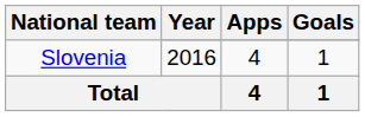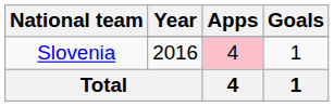 <table class="wikitable" style="text-align:center">
 <tr>
 <th>National team</th>
 <th>Year</th>
 <th>Apps</th>
 <th>Goals</th>
 </tr>
 <tr>
 <td rowspan="2"><a href='#'>Slovenia</a></td>
 </tr>
 <tr>
 <td>2016</td>
-<td>4</td>
+<td style="background: pink;">4</td>
 <td>1</td>
 </tr>
 <tr>
 <th colspan=2>Total</th>
 <th>4</th>
 <th>1</th>
 </tr>
 </table>
